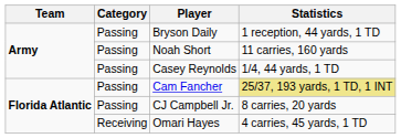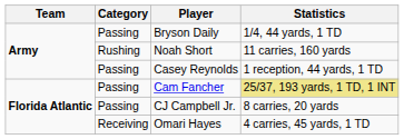 <table class="wikitable" style="float: right;">
 <tr>
 <th>Team</th>
 <th>Category</th>
 <th>Player</th>
 <th>Statistics</th>
 </tr>
 <tr>
 <td rowspan=3><strong>Army</strong></td>
 <td>Passing</td>
 <td>Bryson Daily</td>
-<td>1 reception, 44 yards, 1 TD</td>
+<td>1/4, 44 yards, 1 TD</td>
 </tr>
 <tr>
-<td>Passing</td>
+<td>Rushing</td>
 <td>Noah Short</td>
 <td>11 carries, 160 yards</td>
 </tr>
 <tr>
 <td>Passing</td>
 <td>Casey Reynolds</td>
-<td>1/4, 44 yards, 1 TD</td>
+<td>1 reception, 44 yards, 1 TD</td>
 </tr>
 <tr>
 <td rowspan=3><strong>Florida Atlantic</strong></td>
 <td>Passing</td>
 <td><a href='#'>Cam Fancher</a></td>
 <td style="background: khaki;">25/37, 193 yards, 1 TD, 1 INT</td>
 </tr>
 <tr>
 <td>Passing</td>
 <td>CJ Campbell Jr.</td>
 <td>8 carries, 20 yards</td>
 </tr>
 <tr>
 <td>Receiving</td>
 <td>Omari Hayes</td>
 <td>4 carries, 45 yards, 1 TD</td>
 </tr>
 </table>
